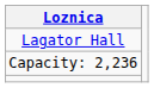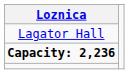 <table class="wikitable" style="text-align:center">
 <tr>
 <th><a href='#'>Loznica</a></th>
 <td rowspan=4></td>
 </tr>
 <tr>
 <td><a href='#'>Lagator Hall</a></td>
 </tr>
 <tr>
-<td>Capacity: 2,236</td>
+<td><strong>Capacity: 2,236</strong></td>
 </tr>
 <tr>
 <td></td>
 </tr>
 </table>
